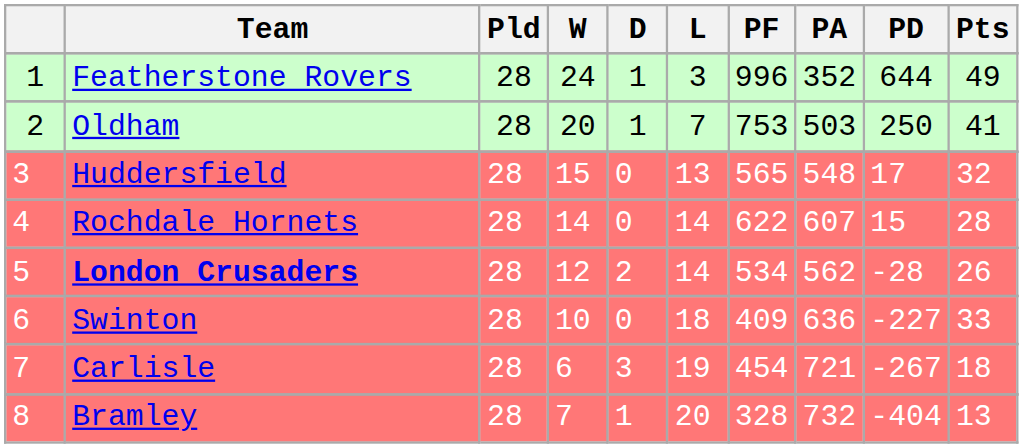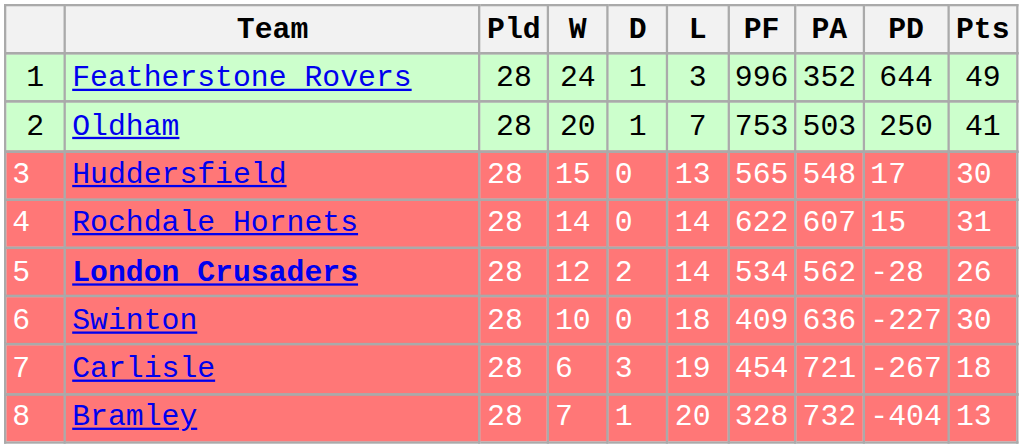 <table class="wikitable" style="text-align:center;">
 <tr>
 <th width=20 abbr="Position"></th>
 <th width=175>Team</th>
 <th width=20 abbr="Played">Pld</th>
 <th width=20 abbr="Won">W</th>
 <th width=20 abbr="Drawn">D</th>
 <th width=20 abbr="Lost">L</th>
 <th width=20 abbr="Points for">PF</th>
 <th width=20 abbr="Points against">PA</th>
 <th width=25 abbr="Points difference">PD</th>
 <th width=20 abbr="Points">Pts</th>
 </tr>
 <tr>
 </tr>
 <tr |- align=center style="background:#cfc;">
 <td>1</td>
 <td align=left style="background#cfc:"><a href='#'>Featherstone Rovers</a></td>
 <td>28</td>
 <td>24</td>
 <td>1</td>
 <td>3</td>
 <td>996</td>
 <td>352</td>
 <td>644</td>
 <td>49</td>
 </tr>
 <tr --->
 </tr>
 <tr align=center style="background:#cfc;">
 <td>2</td>
 <td align=left style="background#cfc:"><a href='#'>Oldham</a></td>
 <td>28</td>
 <td>20</td>
 <td>1</td>
 <td>7</td>
 <td>753</td>
 <td>503</td>
 <td>250</td>
 <td>41</td>
 </tr>
 <tr --->
 </tr>
 <tr align=left style="background:#ff7777;color:white">
 <td>3</td>
 <td align=left style="background:#ff7777;color:white"><a href='#'>Huddersfield</a></td>
 <td>28</td>
 <td>15</td>
 <td>0</td>
 <td>13</td>
 <td>565</td>
 <td>548</td>
 <td>17</td>
-<td>32</td>
+<td>30</td>
 </tr>
 <tr --->
 </tr>
 <tr align=left style="background:#ff7777;color:white">
 <td>4</td>
 <td align=left style="background:#ff7777;color:white"><a href='#'>Rochdale Hornets</a></td>
 <td>28</td>
 <td>14</td>
 <td>0</td>
 <td>14</td>
 <td>622</td>
 <td>607</td>
 <td>15</td>
-<td>28</td>
+<td>31</td>
 </tr>
 <tr --->
 </tr>
 <tr align=left style="background:#ff7777;color:white">
 <td>5</td>
 <td align=left style="background:#ff7777;color:white"><strong><a href='#'>London Crusaders</a></strong></td>
 <td>28</td>
 <td>12</td>
 <td>2</td>
 <td>14</td>
 <td>534</td>
 <td>562</td>
 <td>-28</td>
 <td>26</td>
 </tr>
 <tr --->
 </tr>
 <tr align=left style="background:#ff7777;color:white">
 <td>6</td>
 <td align=left style="background:#ff7777;color:white"><a href='#'>Swinton</a></td>
 <td>28</td>
 <td>10</td>
 <td>0</td>
 <td>18</td>
 <td>409</td>
 <td>636</td>
 <td>-227</td>
-<td>33</td>
+<td>30</td>
 </tr>
 <tr --->
 </tr>
 <tr align=left style="background:#ff7777;color:white">
 <td>7</td>
 <td align=left style="background:#ff7777;color:white"><a href='#'>Carlisle</a></td>
 <td>28</td>
 <td>6</td>
 <td>3</td>
 <td>19</td>
 <td>454</td>
 <td>721</td>
 <td>-267</td>
 <td>18</td>
 </tr>
 <tr --->
 </tr>
 <tr align=left style="background:#ff7777;color:white">
 <td>8</td>
 <td align=left style="background:#ff7777;color:white"><a href='#'>Bramley</a></td>
 <td>28</td>
 <td>7</td>
 <td>1</td>
 <td>20</td>
 <td>328</td>
 <td>732</td>
 <td>-404</td>
 <td>13</td>
 </tr>
 </table>
